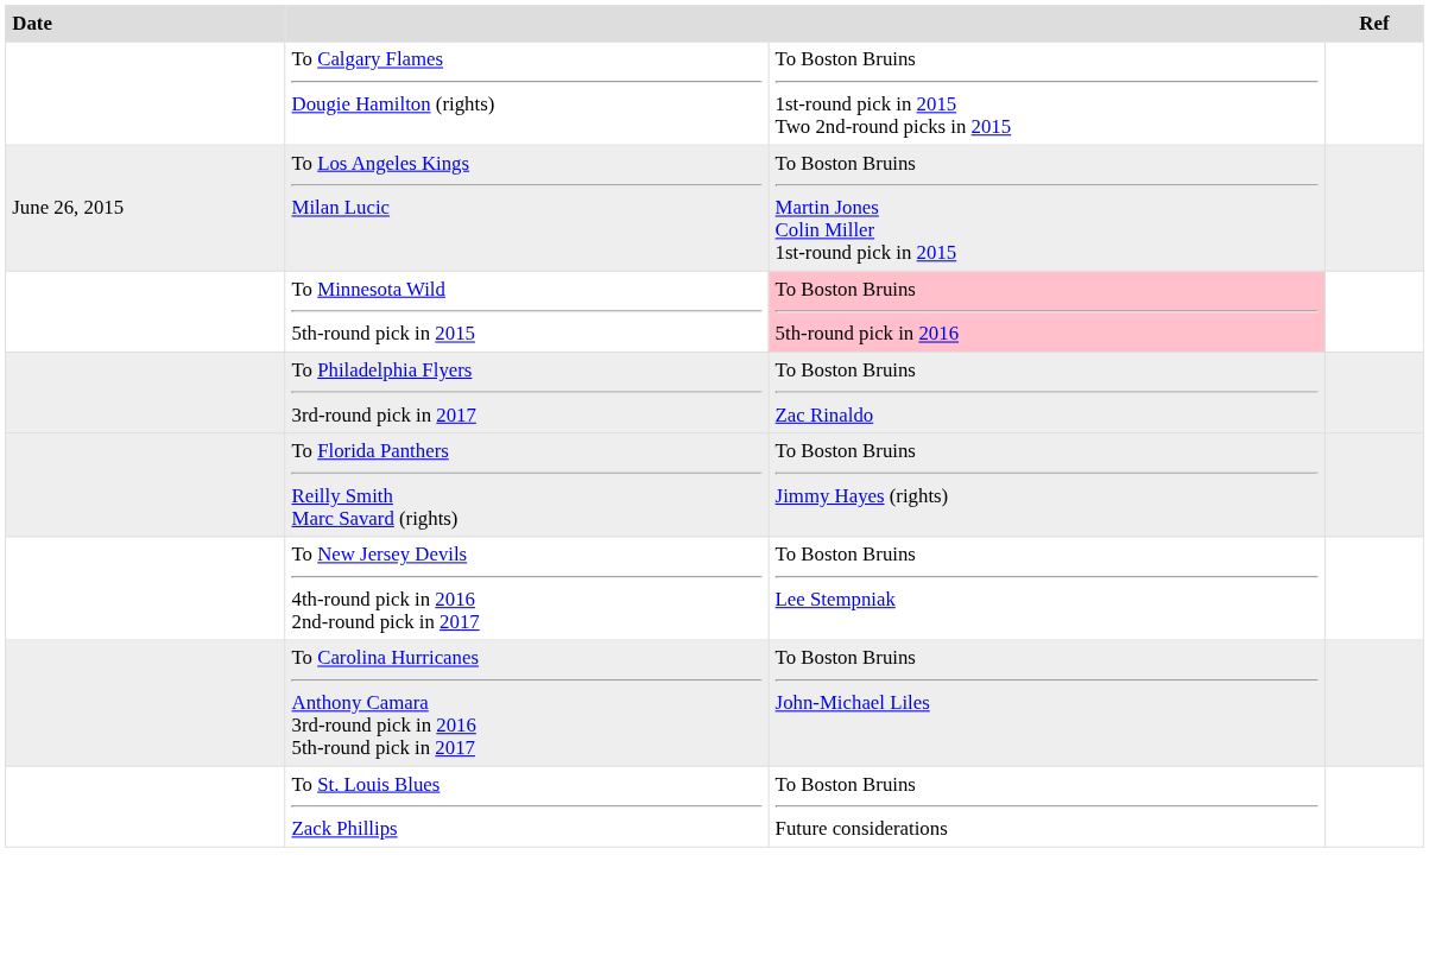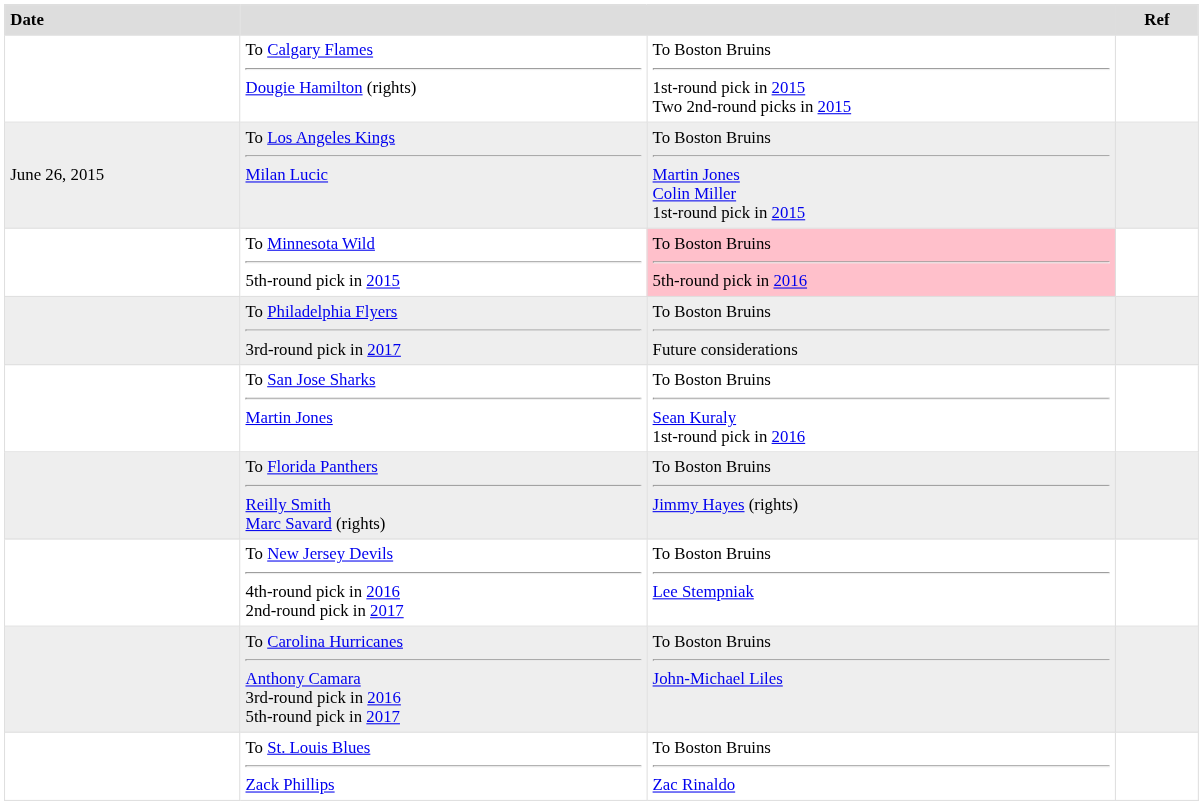 <table border=1 style="border-collapse:collapse" bordercolor="#DFDFDF" cellpadding="5" width=90%>
 <tr bgcolor="#dddddd">
 <td><strong>Date</strong></td>
 <th colspan="2"></th>
 <th><strong>Ref</strong></th>
 </tr>
 <tr>
 <td></td>
 <td valign="top">To <a href='#'>Calgary Flames</a> <hr><a href='#'>Dougie Hamilton</a> (rights)</td>
 <td valign="top">To Boston Bruins <hr>1st-round pick in <a href='#'>2015</a> <br>Two 2nd-round picks in <a href='#'>2015</a></td>
 <td></td>
 </tr>
 <tr bgcolor="eeeeee">
 <td>June 26, 2015</td>
 <td valign="top">To <a href='#'>Los Angeles Kings</a> <hr><a href='#'>Milan Lucic</a></td>
 <td valign="top">To Boston Bruins <hr><a href='#'>Martin Jones</a><br><a href='#'>Colin Miller</a><br>1st-round pick in <a href='#'>2015</a></td>
 <td></td>
 </tr>
 <tr>
 <td></td>
 <td valign="top">To <a href='#'>Minnesota Wild</a> <hr>5th-round pick in <a href='#'>2015</a> <br></td>
 <td valign="top" style="background: pink;">To Boston Bruins <hr>5th-round pick in <a href='#'>2016</a></td>
 <td></td>
 </tr>
 <tr bgcolor="eeeeee">
 <td></td>
 <td valign="top">To <a href='#'>Philadelphia Flyers</a> <hr>3rd-round pick in <a href='#'>2017</a></td>
-<td valign="top">To Boston Bruins <hr><a href='#'>Zac Rinaldo</a></td>
+<td valign="top">To Boston Bruins <hr> Future considerations</td>
+<td></td>
+</tr>
+<tr>
+<td></td>
+<td valign="top">To <a href='#'>San Jose Sharks</a> <hr><a href='#'>Martin Jones</a></td>
+<td valign="top">To Boston Bruins <hr><a href='#'>Sean Kuraly</a><br>1st-round pick in <a href='#'>2016</a></td>
 <td></td>
 </tr>
 <tr bgcolor="#eeeeee">
 <td></td>
 <td valign="top">To <a href='#'>Florida Panthers</a> <hr><a href='#'>Reilly Smith</a><br><a href='#'>Marc Savard</a> (rights)</td>
 <td valign="top">To Boston Bruins <hr><a href='#'>Jimmy Hayes</a> (rights)</td>
 <td></td>
 </tr>
 <tr>
 <td></td>
 <td valign="top">To <a href='#'>New Jersey Devils</a> <hr>4th-round pick in <a href='#'>2016</a><br>2nd-round pick in <a href='#'>2017</a></td>
 <td valign="top">To Boston Bruins <hr><a href='#'>Lee Stempniak</a></td>
 <td></td>
 </tr>
 <tr bgcolor="#eeeeee">
 <td></td>
 <td valign="top">To <a href='#'>Carolina Hurricanes</a> <hr><a href='#'>Anthony Camara</a><br>3rd-round pick in <a href='#'>2016</a><br>5th-round pick in <a href='#'>2017</a></td>
 <td valign="top">To Boston Bruins <hr><a href='#'>John-Michael Liles</a></td>
 <td></td>
 </tr>
 <tr>
 <td></td>
 <td valign="top">To <a href='#'>St. Louis Blues</a> <hr> <a href='#'>Zack Phillips</a></td>
-<td valign="top">To Boston Bruins <hr> Future considerations</td>
+<td valign="top">To Boston Bruins <hr><a href='#'>Zac Rinaldo</a></td>
 <td></td>
 </tr>
 </table>
